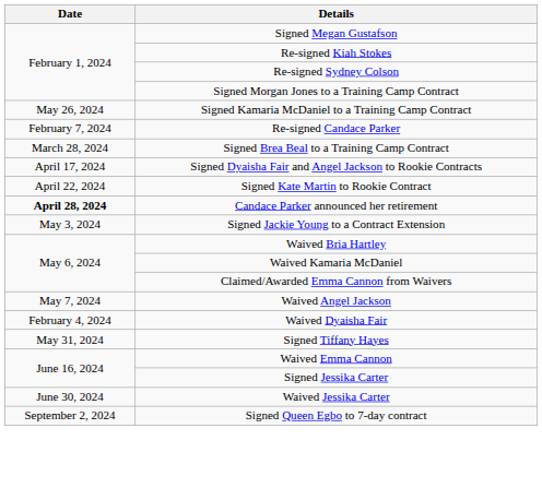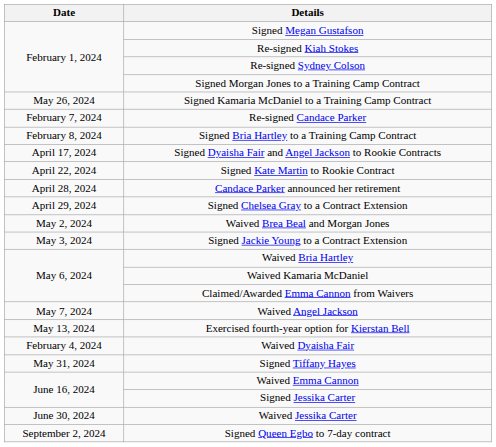 <table class="wikitable" style="width:80%; text-align: center;">
 <tr>
 <th>Date</th>
 <th>Details</th>
 </tr>
 <tr>
 <td rowspan=4>February 1, 2024</td>
 <td>Signed <a href='#'>Megan Gustafson</a></td>
 </tr>
 <tr>
 <td>Re-signed <a href='#'>Kiah Stokes</a></td>
 </tr>
 <tr>
 <td>Re-signed <a href='#'>Sydney Colson</a></td>
 </tr>
 <tr>
 <td>Signed Morgan Jones to a Training Camp Contract</td>
 </tr>
 <tr>
 <td>May 26, 2024</td>
 <td>Signed Kamaria McDaniel to a Training Camp Contract</td>
 </tr>
 <tr>
 <td>February 7, 2024</td>
 <td>Re-signed <a href='#'>Candace Parker</a></td>
 </tr>
 <tr>
-<td>March 28, 2024</td>
-<td>Signed <a href='#'>Brea Beal</a> to a Training Camp Contract</td>
+<td>February 8, 2024</td>
+<td>Signed <a href='#'>Bria Hartley</a> to a Training Camp Contract</td>
 </tr>
 <tr>
 <td>April 17, 2024</td>
 <td>Signed <a href='#'>Dyaisha Fair</a> and <a href='#'>Angel Jackson</a> to Rookie Contracts</td>
 </tr>
 <tr>
 <td>April 22, 2024</td>
 <td>Signed <a href='#'>Kate Martin</a> to Rookie Contract</td>
 </tr>
 <tr>
-<td><strong>April 28, 2024</strong></td>
+<td>April 28, 2024</td>
 <td><a href='#'>Candace Parker</a> announced her retirement</td>
+</tr>
+<tr>
+<td>April 29, 2024</td>
+<td>Signed <a href='#'>Chelsea Gray</a> to a Contract Extension</td>
+</tr>
+<tr>
+<td>May 2, 2024</td>
+<td>Waived <a href='#'>Brea Beal</a> and Morgan Jones</td>
 </tr>
 <tr>
 <td>May 3, 2024</td>
 <td>Signed <a href='#'>Jackie Young</a> to a Contract Extension</td>
 </tr>
 <tr>
 <td rowspan=3>May 6, 2024</td>
 <td>Waived <a href='#'>Bria Hartley</a></td>
 </tr>
 <tr>
 <td>Waived Kamaria McDaniel</td>
 </tr>
 <tr>
 <td>Claimed/Awarded <a href='#'>Emma Cannon</a> from Waivers</td>
 </tr>
 <tr>
 <td>May 7, 2024</td>
 <td>Waived <a href='#'>Angel Jackson</a></td>
+</tr>
+<tr>
+<td>May 13, 2024</td>
+<td>Exercised fourth-year option for <a href='#'>Kierstan Bell</a></td>
 </tr>
 <tr>
 <td>February 4, 2024</td>
 <td>Waived <a href='#'>Dyaisha Fair</a></td>
 </tr>
 <tr>
 <td>May 31, 2024</td>
 <td>Signed <a href='#'>Tiffany Hayes</a></td>
 </tr>
 <tr>
 <td rowspan=2>June 16, 2024</td>
 <td>Waived <a href='#'>Emma Cannon</a></td>
 </tr>
 <tr>
 <td>Signed <a href='#'>Jessika Carter</a></td>
 </tr>
 <tr>
 <td>June 30, 2024</td>
 <td>Waived <a href='#'>Jessika Carter</a></td>
 </tr>
 <tr>
 <td>September 2, 2024</td>
 <td>Signed <a href='#'>Queen Egbo</a> to 7-day contract</td>
 </tr>
 </table>
